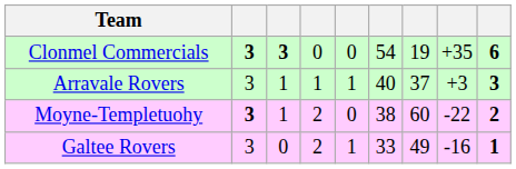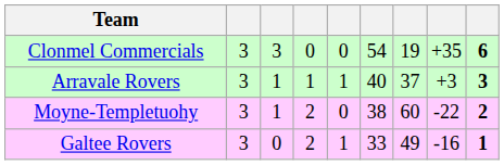 <table class="wikitable" style="text-align:center">
 <tr>
 <th style="width:175px;">Team</th>
 <th width="20"></th>
 <th width="20"></th>
 <th width="20"></th>
 <th width="20"></th>
 <th width="20"></th>
 <th width="20"></th>
 <th width="20"></th>
 <th width="20"></th>
 </tr>
 <tr style="background:#cfc;">
 <td><a href='#'>Clonmel Commercials</a></td>
-<td><strong>3</strong></td>
-<td><strong>3</strong></td>
+<td>3</td>
+<td>3</td>
 <td>0</td>
 <td>0</td>
 <td>54</td>
 <td>19</td>
 <td>+35</td>
 <td><strong>6</strong></td>
 </tr>
 <tr style="background:#cfc;">
 <td><a href='#'>Arravale Rovers</a></td>
 <td>3</td>
 <td>1</td>
 <td>1</td>
 <td>1</td>
 <td>40</td>
 <td>37</td>
 <td>+3</td>
 <td><strong>3</strong></td>
 </tr>
 <tr style="background:#fcf;">
 <td><a href='#'>Moyne-Templetuohy</a></td>
-<td><strong>3</strong></td>
+<td>3</td>
 <td>1</td>
 <td>2</td>
 <td>0</td>
 <td>38</td>
 <td>60</td>
 <td>-22</td>
 <td><strong>2</strong></td>
 </tr>
 <tr style="background:#fcf;">
 <td><a href='#'>Galtee Rovers</a></td>
 <td>3</td>
 <td>0</td>
 <td>2</td>
 <td>1</td>
 <td>33</td>
 <td>49</td>
 <td>-16</td>
 <td><strong>1</strong></td>
 </tr>
 </table>
